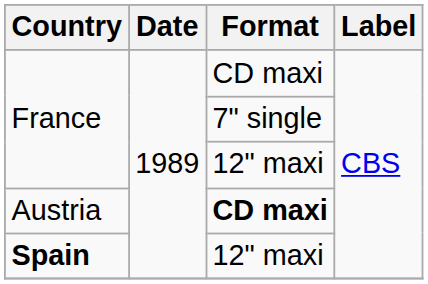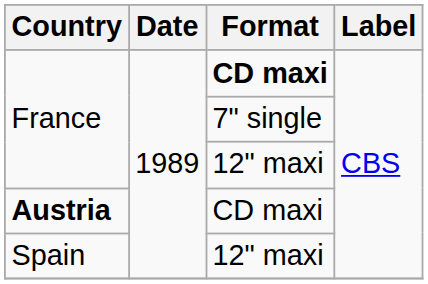 <table class=wikitable>
 <tr>
 <th>Country</th>
 <th>Date</th>
 <th>Format</th>
 <th>Label</th>
 </tr>
 <tr>
 <td rowspan="3">France</td>
 <td rowspan="5">1989</td>
-<td>CD maxi</td>
+<td><strong>CD maxi</strong></td>
 <td rowspan="5"><a href='#'>CBS</a></td>
 </tr>
 <tr>
 <td>7" single</td>
 </tr>
 <tr>
 <td>12" maxi</td>
 </tr>
 <tr>
-<td>Austria</td>
-<td><strong>CD maxi</strong></td>
+<td><strong>Austria</strong></td>
+<td>CD maxi</td>
 </tr>
 <tr>
-<td><strong>Spain</strong></td>
+<td>Spain</td>
 <td>12" maxi</td>
 </tr>
 <tr>
 </tr>
 </table>
